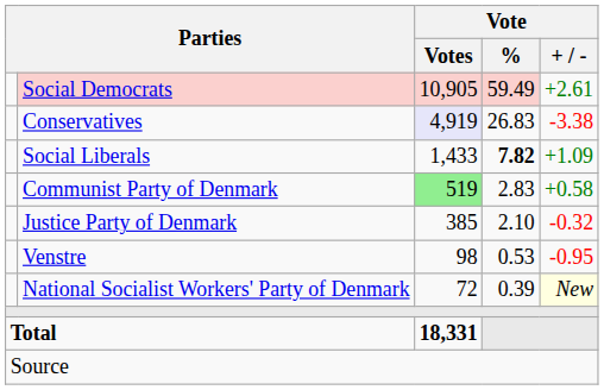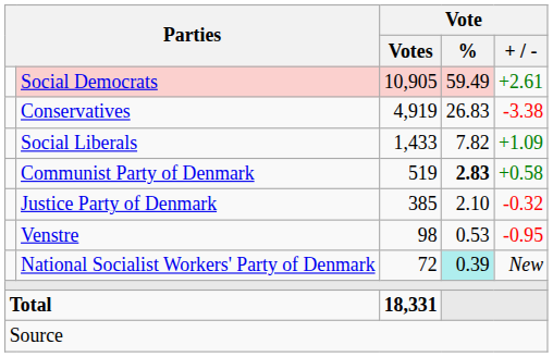 <table class="wikitable" style="text-align:right;">
 <tr>
 <th style="text-align:centre;" rowspan="2" colspan="2" width="225">Parties</th>
 <th colspan="3">Vote</th>
 </tr>
 <tr>
 <th width="15">Votes</th>
 <th width="15">%</th>
 <th width="15">+ / -</th>
 </tr>
 <tr>
 <td width="2" style="color:inherit;background:"></td>
 <td bgcolor=#fbd0ce  align="left"><a href='#'>Social Democrats</a></td>
 <td bgcolor=#fbd0ce>10,905</td>
 <td bgcolor=#fbd0ce>59.49</td>
 <td style=color:green;>+2.61</td>
 </tr>
 <tr>
 <td width="2" style="color:inherit;background:"></td>
 <td align="left"><a href='#'>Conservatives</a></td>
-<td style="background: lavender;">4,919</td>
+<td>4,919</td>
 <td>26.83</td>
 <td style=color:red;>-3.38</td>
 </tr>
 <tr>
 <td width="2" style="color:inherit;background:"></td>
 <td align="left"><a href='#'>Social Liberals</a></td>
 <td>1,433</td>
-<td><strong>7.82</strong></td>
+<td>7.82</td>
 <td style=color:green;>+1.09</td>
 </tr>
 <tr>
 <td width="2" style="color:inherit;background:"></td>
 <td align="left"><a href='#'>Communist Party of Denmark</a></td>
-<td style="background: lightgreen;">519</td>
-<td>2.83</td>
+<td>519</td>
+<td><strong>2.83</strong></td>
 <td style=color:green;>+0.58</td>
 </tr>
 <tr>
 <td width="2" style="color:inherit;background:"></td>
 <td align="left"><a href='#'>Justice Party of Denmark</a></td>
 <td>385</td>
 <td>2.10</td>
 <td style=color:red;>-0.32</td>
 </tr>
 <tr>
 <td width="2" style="color:inherit;background:"></td>
 <td align="left"><a href='#'>Venstre</a></td>
 <td>98</td>
 <td>0.53</td>
 <td style=color:red;>-0.95</td>
 </tr>
 <tr>
 <td width="2" style="color:inherit;background:"></td>
 <td align="left"><a href='#'>National Socialist Workers' Party of Denmark</a></td>
 <td>72</td>
-<td>0.39</td>
-<td style="background: lightyellow;"><em>New</em></td>
+<td style="background: paleturquoise;">0.39</td>
+<td><em>New</em></td>
 </tr>
 <tr>
 <td colspan="7" bgcolor="#E9E9E9"></td>
 </tr>
 <tr>
 <td align="left" colspan="2"><strong>Total</strong></td>
 <td><strong>18,331</strong></td>
 <td bgcolor="#E9E9E9" colspan="2"></td>
 </tr>
 <tr>
 <td align="left" colspan="6">Source</td>
 </tr>
 </table>
